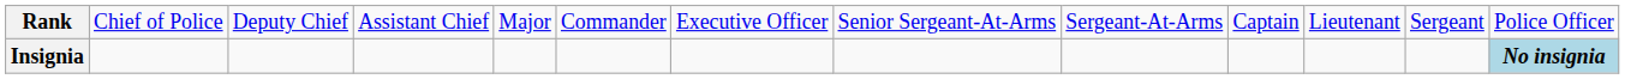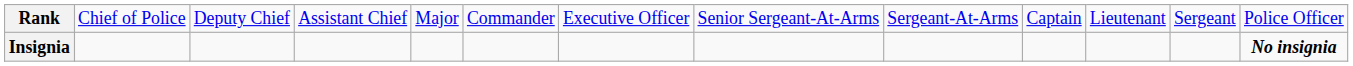 <table class="wikitable">
 <tr style="text-align:center;">
 <th>Rank</th>
 <td><a href='#'>Chief of Police</a></td>
 <td><a href='#'>Deputy Chief</a></td>
 <td><a href='#'>Assistant Chief</a></td>
 <td><a href='#'>Major</a></td>
 <td><a href='#'>Commander</a></td>
 <td><a href='#'>Executive Officer</a></td>
 <td><a href='#'>Senior Sergeant-At-Arms</a></td>
 <td><a href='#'>Sergeant-At-Arms</a></td>
 <td><a href='#'>Captain</a></td>
 <td><a href='#'>Lieutenant</a></td>
 <td><a href='#'>Sergeant</a></td>
 <td><a href='#'>Police Officer</a></td>
 </tr>
 <tr style="text-align:center;">
 <th>Insignia</th>
 <td></td>
 <td></td>
 <td></td>
 <td></td>
 <td></td>
 <td></td>
 <td></td>
 <td></td>
 <td></td>
 <td></td>
 <td></td>
-<td style="background: lightblue;"><strong><em>No insignia</em></strong></td>
+<td><strong><em>No insignia</em></strong></td>
 </tr>
 </table>
